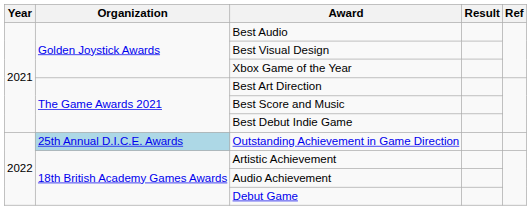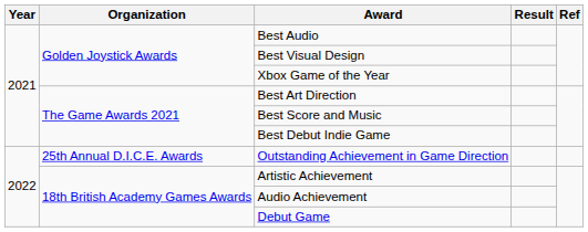 <table class="wikitable sortable">
 <tr>
 <th>Year</th>
 <th>Organization</th>
 <th>Award</th>
 <th>Result</th>
 <th>Ref</th>
 </tr>
 <tr>
 <td rowspan=6 style="text-align:center;">2021</td>
 <td rowspan=3><a href='#'>Golden Joystick Awards</a></td>
 <td>Best Audio</td>
 <td></td>
 <td rowspan=3 style="text-align:center;"></td>
 </tr>
 <tr>
 <td>Best Visual Design</td>
 <td></td>
 </tr>
 <tr>
 <td>Xbox Game of the Year</td>
 <td></td>
 </tr>
 <tr>
 <td rowspan=3><a href='#'>The Game Awards 2021</a></td>
 <td>Best Art Direction</td>
 <td></td>
 <td rowspan=3 style="text-align:center;"></td>
 </tr>
 <tr>
 <td>Best Score and Music</td>
 <td></td>
 </tr>
 <tr>
 <td>Best Debut Indie Game</td>
 <td></td>
 </tr>
 <tr>
 <td rowspan=4 style="text-align:center;">2022</td>
-<td style="background: lightblue;"><a href='#'>25th Annual D.I.C.E. Awards</a></td>
+<td><a href='#'>25th Annual D.I.C.E. Awards</a></td>
 <td><a href='#'>Outstanding Achievement in Game Direction</a></td>
 <td></td>
 <td style="text-align:center;"></td>
 </tr>
 <tr>
 <td rowspan=3><a href='#'>18th British Academy Games Awards</a></td>
 <td>Artistic Achievement</td>
 <td></td>
 <td rowspan=3 style="text-align:center;"></td>
 </tr>
 <tr>
 <td>Audio Achievement</td>
 <td></td>
 </tr>
 <tr>
 <td><a href='#'>Debut Game</a></td>
 <td></td>
 </tr>
 </table>
